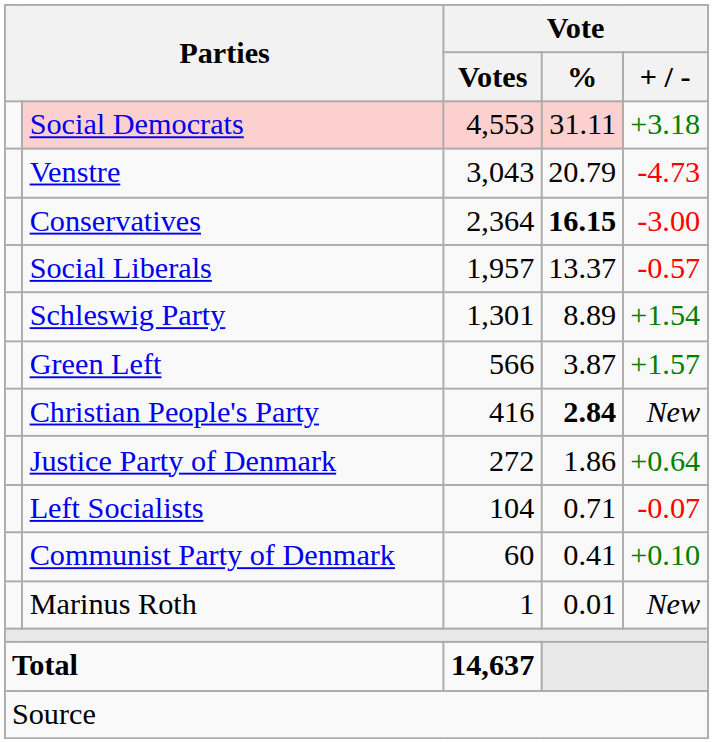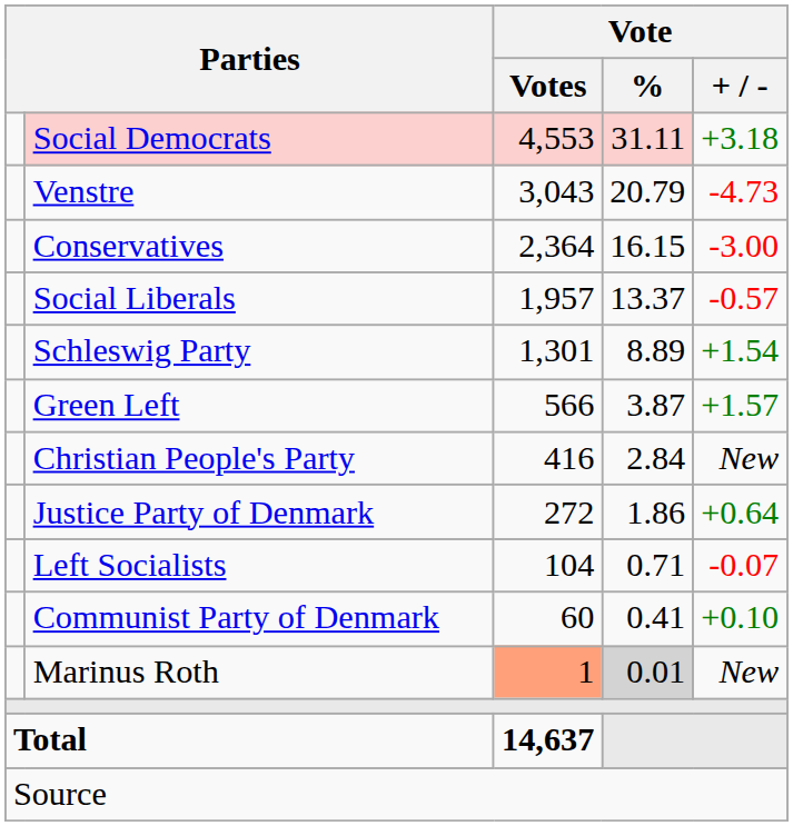 <table class="wikitable" style="text-align:right;">
 <tr>
 <th style="text-align:centre;" rowspan="2" colspan="2" width="225">Parties</th>
 <th colspan="3">Vote</th>
 </tr>
 <tr>
 <th width="15">Votes</th>
 <th width="15">%</th>
 <th width="15">+ / -</th>
 </tr>
 <tr>
 <td width="2" style="color:inherit;background:"></td>
 <td bgcolor=#fbd0ce  align="left"><a href='#'>Social Democrats</a></td>
 <td bgcolor=#fbd0ce>4,553</td>
 <td bgcolor=#fbd0ce>31.11</td>
 <td style=color:green;>+3.18</td>
 </tr>
 <tr>
 <td width="2" style="color:inherit;background:"></td>
 <td align="left"><a href='#'>Venstre</a></td>
 <td>3,043</td>
 <td>20.79</td>
 <td style=color:red;>-4.73</td>
 </tr>
 <tr>
 <td width="2" style="color:inherit;background:"></td>
 <td align="left"><a href='#'>Conservatives</a></td>
 <td>2,364</td>
-<td><strong>16.15</strong></td>
+<td>16.15</td>
 <td style=color:red;>-3.00</td>
 </tr>
 <tr>
 <td width="2" style="color:inherit;background:"></td>
 <td align="left"><a href='#'>Social Liberals</a></td>
 <td>1,957</td>
 <td>13.37</td>
 <td style=color:red;>-0.57</td>
 </tr>
 <tr>
 <td width="2" style="color:inherit;background:"></td>
 <td align="left"><a href='#'>Schleswig Party</a></td>
 <td>1,301</td>
 <td>8.89</td>
 <td style=color:green;>+1.54</td>
 </tr>
 <tr>
 <td width="2" style="color:inherit;background:"></td>
 <td align="left"><a href='#'>Green Left</a></td>
 <td>566</td>
 <td>3.87</td>
 <td style=color:green;>+1.57</td>
 </tr>
 <tr>
 <td width="2" style="color:inherit;background:"></td>
 <td align="left"><a href='#'>Christian People's Party</a></td>
 <td>416</td>
-<td><strong>2.84</strong></td>
+<td>2.84</td>
 <td><em>New</em></td>
 </tr>
 <tr>
 <td width="2" style="color:inherit;background:"></td>
 <td align="left"><a href='#'>Justice Party of Denmark</a></td>
 <td>272</td>
 <td>1.86</td>
 <td style=color:green;>+0.64</td>
 </tr>
 <tr>
 <td width="2" style="color:inherit;background:"></td>
 <td align="left"><a href='#'>Left Socialists</a></td>
 <td>104</td>
 <td>0.71</td>
 <td style=color:red;>-0.07</td>
 </tr>
 <tr>
 <td width="2" style="color:inherit;background:"></td>
 <td align="left"><a href='#'>Communist Party of Denmark</a></td>
 <td>60</td>
 <td>0.41</td>
 <td style=color:green;>+0.10</td>
 </tr>
 <tr>
 <td width="2" style="color:inherit;background:"></td>
 <td align="left">Marinus Roth</td>
-<td>1</td>
-<td>0.01</td>
+<td style="background: lightsalmon;">1</td>
+<td style="background: lightgrey;">0.01</td>
 <td><em>New</em></td>
 </tr>
 <tr>
 <td colspan="7" bgcolor="#E9E9E9"></td>
 </tr>
 <tr>
 <td align="left" colspan="2"><strong>Total</strong></td>
 <td><strong>14,637</strong></td>
 <td bgcolor="#E9E9E9" colspan="2"></td>
 </tr>
 <tr>
 <td align="left" colspan="6">Source</td>
 </tr>
 </table>
